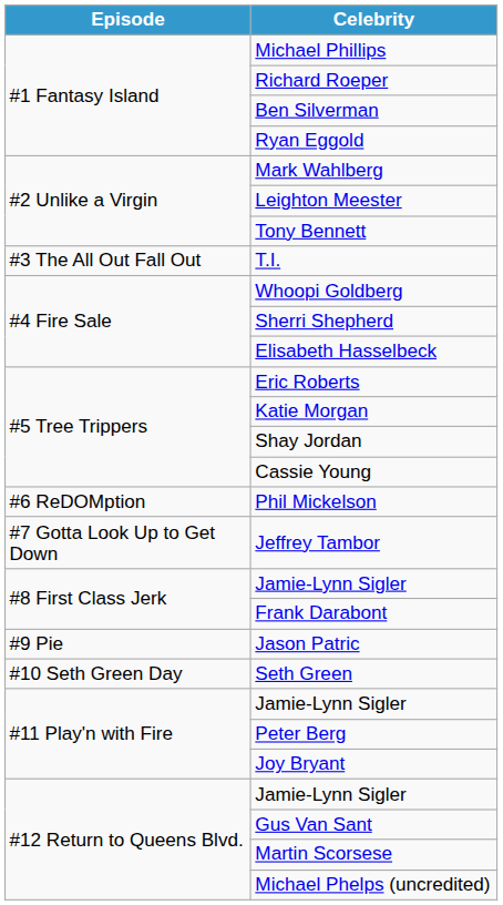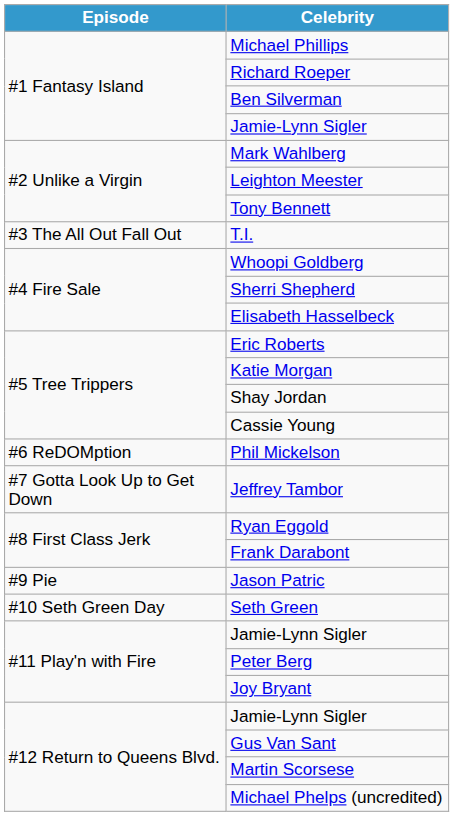 <table class="wikitable">
 <tr style="color:white">
 <th style="background:#39c; width:200px;">Episode</th>
 <th style="background:#39c; width:200px;">Celebrity</th>
 </tr>
 <tr>
 <td rowspan="4">#1 Fantasy Island</td>
 <td><a href='#'>Michael Phillips</a></td>
 </tr>
 <tr>
 <td><a href='#'>Richard Roeper</a></td>
 </tr>
 <tr>
 <td><a href='#'>Ben Silverman</a></td>
 </tr>
 <tr>
-<td><a href='#'>Ryan Eggold</a></td>
+<td><a href='#'>Jamie-Lynn Sigler</a></td>
 </tr>
 <tr>
 <td rowspan="3">#2 Unlike a Virgin</td>
 <td><a href='#'>Mark Wahlberg</a></td>
 </tr>
 <tr>
 <td><a href='#'>Leighton Meester</a></td>
 </tr>
 <tr>
 <td><a href='#'>Tony Bennett</a></td>
 </tr>
 <tr>
 <td>#3 The All Out Fall Out</td>
 <td><a href='#'>T.I.</a></td>
 </tr>
 <tr>
 <td rowspan="3">#4 Fire Sale</td>
 <td><a href='#'>Whoopi Goldberg</a></td>
 </tr>
 <tr>
 <td><a href='#'>Sherri Shepherd</a></td>
 </tr>
 <tr>
 <td><a href='#'>Elisabeth Hasselbeck</a></td>
 </tr>
 <tr>
 <td rowspan="4">#5 Tree Trippers</td>
 <td><a href='#'>Eric Roberts</a></td>
 </tr>
 <tr>
 <td><a href='#'>Katie Morgan</a></td>
 </tr>
 <tr>
 <td>Shay Jordan</td>
 </tr>
 <tr>
 <td>Cassie Young</td>
 </tr>
 <tr>
 <td>#6 ReDOMption</td>
 <td><a href='#'>Phil Mickelson</a></td>
 </tr>
 <tr>
 <td>#7 Gotta Look Up to Get Down</td>
 <td><a href='#'>Jeffrey Tambor</a></td>
 </tr>
 <tr>
 <td rowspan="2">#8 First Class Jerk</td>
-<td><a href='#'>Jamie-Lynn Sigler</a></td>
+<td><a href='#'>Ryan Eggold</a></td>
 </tr>
 <tr>
 <td><a href='#'>Frank Darabont</a></td>
 </tr>
 <tr>
 <td>#9 Pie</td>
 <td><a href='#'>Jason Patric</a></td>
 </tr>
 <tr>
 <td>#10 Seth Green Day</td>
 <td><a href='#'>Seth Green</a></td>
 </tr>
 <tr>
 <td rowspan="3">#11 Play'n with Fire</td>
 <td>Jamie-Lynn Sigler</td>
 </tr>
 <tr>
 <td><a href='#'>Peter Berg</a></td>
 </tr>
 <tr>
 <td><a href='#'>Joy Bryant</a></td>
 </tr>
 <tr>
 <td rowspan="4">#12 Return to Queens Blvd.</td>
 <td>Jamie-Lynn Sigler</td>
 </tr>
 <tr>
 <td><a href='#'>Gus Van Sant</a></td>
 </tr>
 <tr>
 <td><a href='#'>Martin Scorsese</a></td>
 </tr>
 <tr>
 <td><a href='#'>Michael Phelps</a> (uncredited)</td>
 </tr>
 </table>
